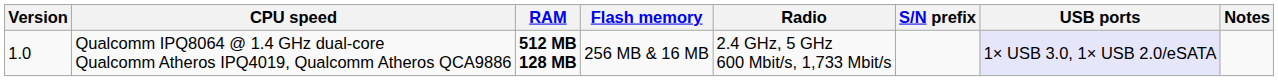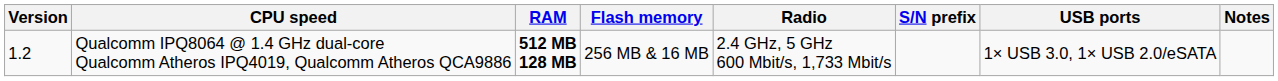 <table class="wikitable">
 <tr>
 <th>Version</th>
 <th>CPU speed</th>
 <th><a href='#'>RAM</a></th>
 <th><a href='#'>Flash memory</a></th>
 <th>Radio</th>
 <th><a href='#'>S/N</a> prefix</th>
 <th>USB ports</th>
 <th>Notes</th>
 </tr>
 <tr>
-<td>1.0</td>
+<td>1.2</td>
 <td>Qualcomm IPQ8064 @ 1.4 GHz dual-core<br>Qualcomm Atheros IPQ4019, Qualcomm Atheros QCA9886</td>
 <td><strong>512 MB<br>128 MB</strong></td>
 <td>256 MB & 16 MB</td>
 <td>2.4 GHz, 5 GHz<br>600 Mbit/s, 1,733 Mbit/s</td>
 <td></td>
-<td style="background: lavender;">1× USB 3.0, 1× USB 2.0/eSATA</td>
+<td>1× USB 3.0, 1× USB 2.0/eSATA</td>
 <td></td>
 </tr>
 </table>
